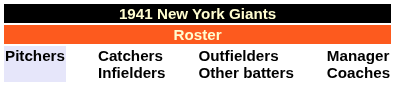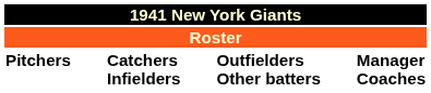 <table class="toccolours" style="font-size: 95%;">
 <tr>
 <th colspan="10" style="background-color: black; color: #FFFDD0; text-align: center;">1941 New York Giants</th>
 </tr>
 <tr>
 <td colspan="10" style="background-color: #fd5a1e; color: #FFFDD0; text-align: center;"><strong>Roster</strong></td>
 </tr>
 <tr>
-<td valign="top" style="background: lavender;"><strong>Pitchers</strong><br>                 </td>
+<td valign="top"><strong>Pitchers</strong><br>                 </td>
 <td width="25px"></td>
 <td valign="top"><strong>Catchers</strong><br>    <strong>Infielders</strong>         </td>
 <td width="25px"></td>
 <td valign="top"><strong>Outfielders</strong><br>       <strong>Other batters</strong> </td>
 <td width="25px"></td>
 <td valign="top"><strong>Manager</strong><br> <strong>Coaches</strong>   </td>
 </tr>
 </table>
